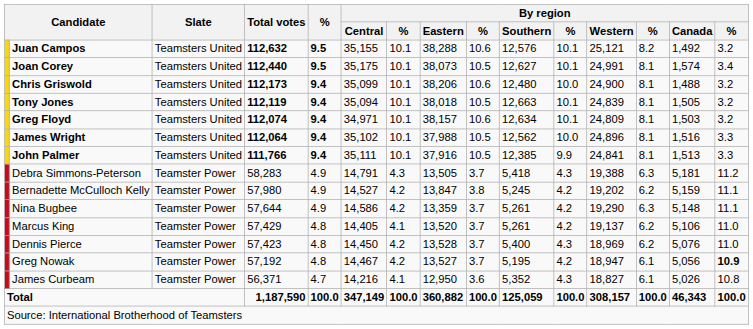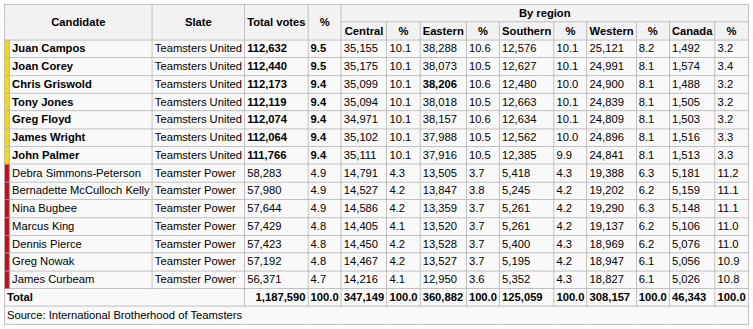 <table class="wikitable defaultright col1left col2left col3left">
 <tr>
 <th rowspan=2 colspan=2>Candidate</th>
 <th rowspan=2>Slate</th>
 <th rowspan=2>Total votes</th>
 <th rowspan=2>%</th>
 <th colspan=10>By region</th>
 </tr>
 <tr>
 <th>Central</th>
 <th>%</th>
 <th>Eastern</th>
 <th>%</th>
 <th>Southern</th>
 <th>%</th>
 <th>Western</th>
 <th>%</th>
 <th>Canada</th>
 <th>%</th>
 </tr>
 <tr>
 <td style="background: #F7D612"></td>
 <td><strong>Juan Campos</strong></td>
 <td style="white-space: nowrap">Teamsters United</td>
 <td><strong>112,632</strong></td>
 <td><strong>9.5</strong></td>
 <td>35,155</td>
 <td>10.1</td>
 <td>38,288</td>
 <td>10.6</td>
 <td>12,576</td>
 <td>10.1</td>
 <td>25,121</td>
 <td>8.2</td>
 <td>1,492</td>
 <td>3.2</td>
 </tr>
 <tr>
 <td style="background: #F7D612"></td>
 <td><strong>Joan Corey</strong></td>
 <td>Teamsters United</td>
 <td><strong>112,440</strong></td>
 <td><strong>9.5</strong></td>
 <td>35,175</td>
 <td>10.1</td>
 <td>38,073</td>
 <td>10.5</td>
 <td>12,627</td>
 <td>10.1</td>
 <td>24,991</td>
 <td>8.1</td>
 <td>1,574</td>
 <td>3.4</td>
 </tr>
 <tr>
 <td style="background: #F7D612"></td>
 <td><strong>Chris Griswold</strong></td>
 <td>Teamsters United</td>
 <td><strong>112,173</strong></td>
 <td><strong>9.4</strong></td>
 <td>35,099</td>
 <td>10.1</td>
-<td>38,206</td>
+<td><strong>38,206</strong></td>
 <td>10.6</td>
 <td>12,480</td>
 <td>10.0</td>
 <td>24,900</td>
 <td>8.1</td>
 <td>1,488</td>
 <td>3.2</td>
 </tr>
 <tr>
 <td style="background: #F7D612"></td>
 <td><strong>Tony Jones</strong></td>
 <td>Teamsters United</td>
 <td><strong>112,119</strong></td>
 <td><strong>9.4</strong></td>
 <td>35,094</td>
 <td>10.1</td>
 <td>38,018</td>
 <td>10.5</td>
 <td>12,663</td>
 <td>10.1</td>
 <td>24,839</td>
 <td>8.1</td>
 <td>1,505</td>
 <td>3.2</td>
 </tr>
 <tr>
 <td style="background: #F7D612"></td>
 <td><strong>Greg Floyd</strong></td>
 <td>Teamsters United</td>
 <td><strong>112,074</strong></td>
 <td><strong>9.4</strong></td>
 <td>34,971</td>
 <td>10.1</td>
 <td>38,157</td>
 <td>10.6</td>
 <td>12,634</td>
 <td>10.1</td>
 <td>24,809</td>
 <td>8.1</td>
 <td>1,503</td>
 <td>3.2</td>
 </tr>
 <tr>
 <td style="background: #F7D612"></td>
 <td><strong>James Wright</strong></td>
 <td>Teamsters United</td>
 <td><strong>112,064</strong></td>
 <td><strong>9.4</strong></td>
 <td>35,102</td>
 <td>10.1</td>
 <td>37,988</td>
 <td>10.5</td>
 <td>12,562</td>
 <td>10.0</td>
 <td>24,896</td>
 <td>8.1</td>
 <td>1,516</td>
 <td>3.3</td>
 </tr>
 <tr>
 <td style="background: #F7D612"></td>
 <td><strong>John Palmer</strong></td>
 <td>Teamsters United</td>
 <td><strong>111,766</strong></td>
 <td><strong>9.4</strong></td>
 <td>35,111</td>
 <td>10.1</td>
 <td>37,916</td>
 <td>10.5</td>
 <td>12,385</td>
 <td>9.9</td>
 <td>24,841</td>
 <td>8.1</td>
 <td>1,513</td>
 <td>3.3</td>
 </tr>
 <tr>
 <td style="background: #C40C1F"></td>
 <td>Debra Simmons-Peterson</td>
 <td>Teamster Power</td>
 <td>58,283</td>
 <td>4.9</td>
 <td>14,791</td>
 <td>4.3</td>
 <td>13,505</td>
 <td>3.7</td>
 <td>5,418</td>
 <td>4.3</td>
 <td>19,388</td>
 <td>6.3</td>
 <td>5,181</td>
 <td>11.2</td>
 </tr>
 <tr>
 <td style="background: #C40C1F"></td>
 <td>Bernadette McCulloch Kelly</td>
 <td>Teamster Power</td>
 <td>57,980</td>
 <td>4.9</td>
 <td>14,527</td>
 <td>4.2</td>
 <td>13,847</td>
 <td>3.8</td>
 <td>5,245</td>
 <td>4.2</td>
 <td>19,202</td>
 <td>6.2</td>
 <td>5,159</td>
 <td>11.1</td>
 </tr>
 <tr>
 <td style="background: #C40C1F"></td>
 <td>Nina Bugbee</td>
 <td>Teamster Power</td>
 <td>57,644</td>
 <td>4.9</td>
 <td>14,586</td>
 <td>4.2</td>
 <td>13,359</td>
 <td>3.7</td>
 <td>5,261</td>
 <td>4.2</td>
 <td>19,290</td>
 <td>6.3</td>
 <td>5,148</td>
 <td>11.1</td>
 </tr>
 <tr>
 <td style="background: #C40C1F"></td>
 <td>Marcus King</td>
 <td>Teamster Power</td>
 <td>57,429</td>
 <td>4.8</td>
 <td>14,405</td>
 <td>4.1</td>
 <td>13,520</td>
 <td>3.7</td>
 <td>5,261</td>
 <td>4.2</td>
 <td>19,137</td>
 <td>6.2</td>
 <td>5,106</td>
 <td>11.0</td>
 </tr>
 <tr>
 <td style="background: #C40C1F"></td>
 <td>Dennis Pierce</td>
 <td>Teamster Power</td>
 <td>57,423</td>
 <td>4.8</td>
 <td>14,450</td>
 <td>4.2</td>
 <td>13,528</td>
 <td>3.7</td>
 <td>5,400</td>
 <td>4.3</td>
 <td>18,969</td>
 <td>6.2</td>
 <td>5,076</td>
 <td>11.0</td>
 </tr>
 <tr>
 <td style="background: #C40C1F"></td>
 <td>Greg Nowak</td>
 <td>Teamster Power</td>
 <td>57,192</td>
 <td>4.8</td>
 <td>14,467</td>
 <td>4.2</td>
 <td>13,527</td>
 <td>3.7</td>
 <td>5,195</td>
 <td>4.2</td>
 <td>18,947</td>
 <td>6.1</td>
 <td>5,056</td>
-<td><strong>10.9</strong></td>
+<td>10.9</td>
 </tr>
 <tr>
 <td style="background: #C40C1F"></td>
 <td>James Curbeam</td>
 <td>Teamster Power</td>
 <td>56,371</td>
 <td>4.7</td>
 <td>14,216</td>
 <td>4.1</td>
 <td>12,950</td>
 <td>3.6</td>
 <td>5,352</td>
 <td>4.3</td>
 <td>18,827</td>
 <td>6.1</td>
 <td>5,026</td>
 <td>10.8</td>
 </tr>
 <tr style="font-weight: bold">
 <td colspan=3>Total</td>
 <td style="text-align: right">1,187,590</td>
 <td style="text-align: right">100.0</td>
 <td>347,149</td>
 <td>100.0</td>
 <td>360,882</td>
 <td>100.0</td>
 <td>125,059</td>
 <td>100.0</td>
 <td>308,157</td>
 <td>100.0</td>
 <td>46,343</td>
 <td>100.0</td>
 </tr>
 <tr>
 <td colspan=15>Source: International Brotherhood of Teamsters</td>
 </tr>
 </table>
